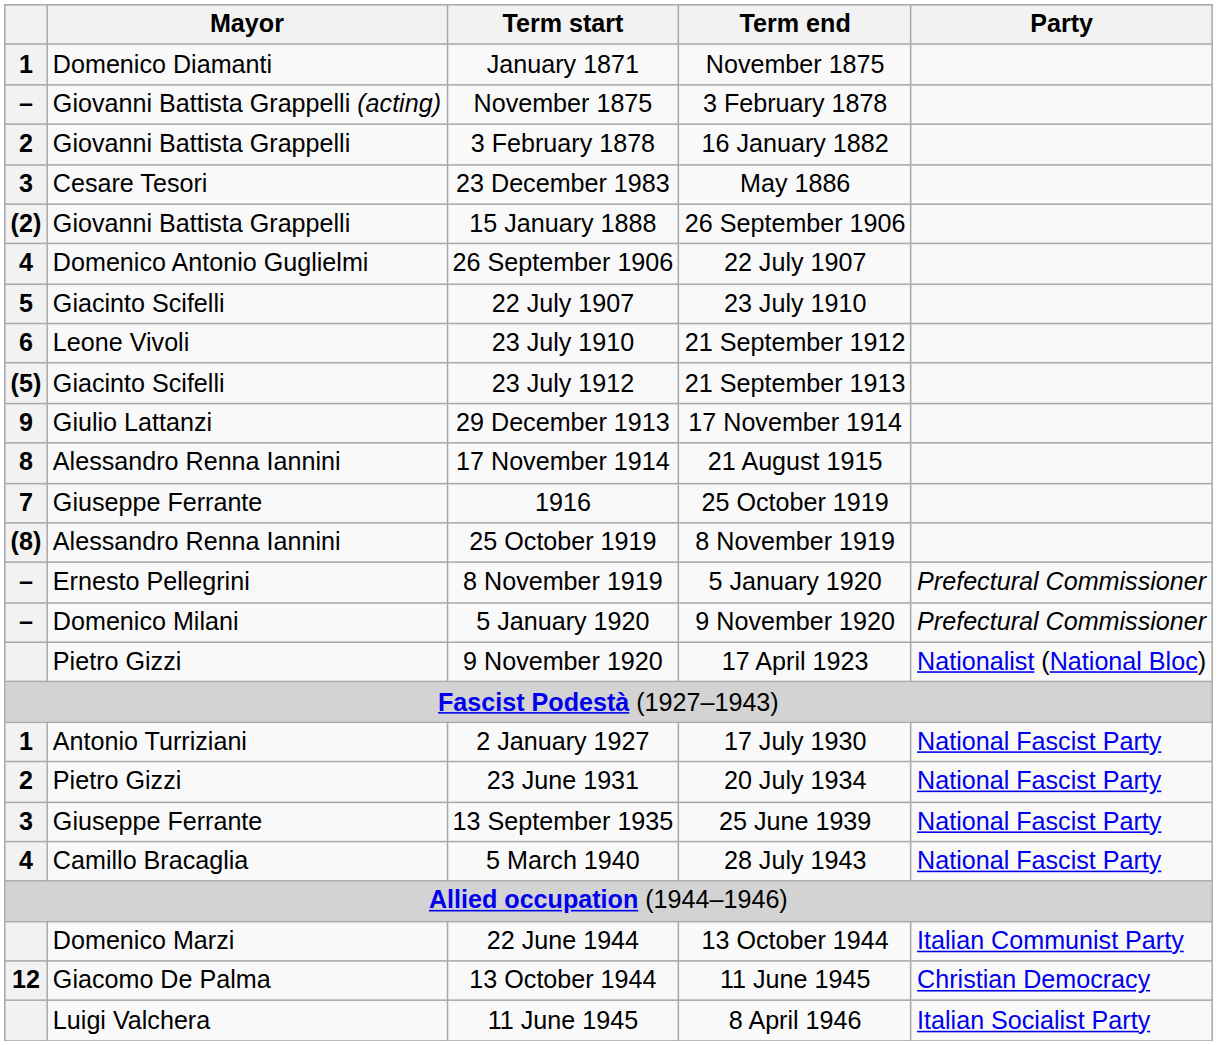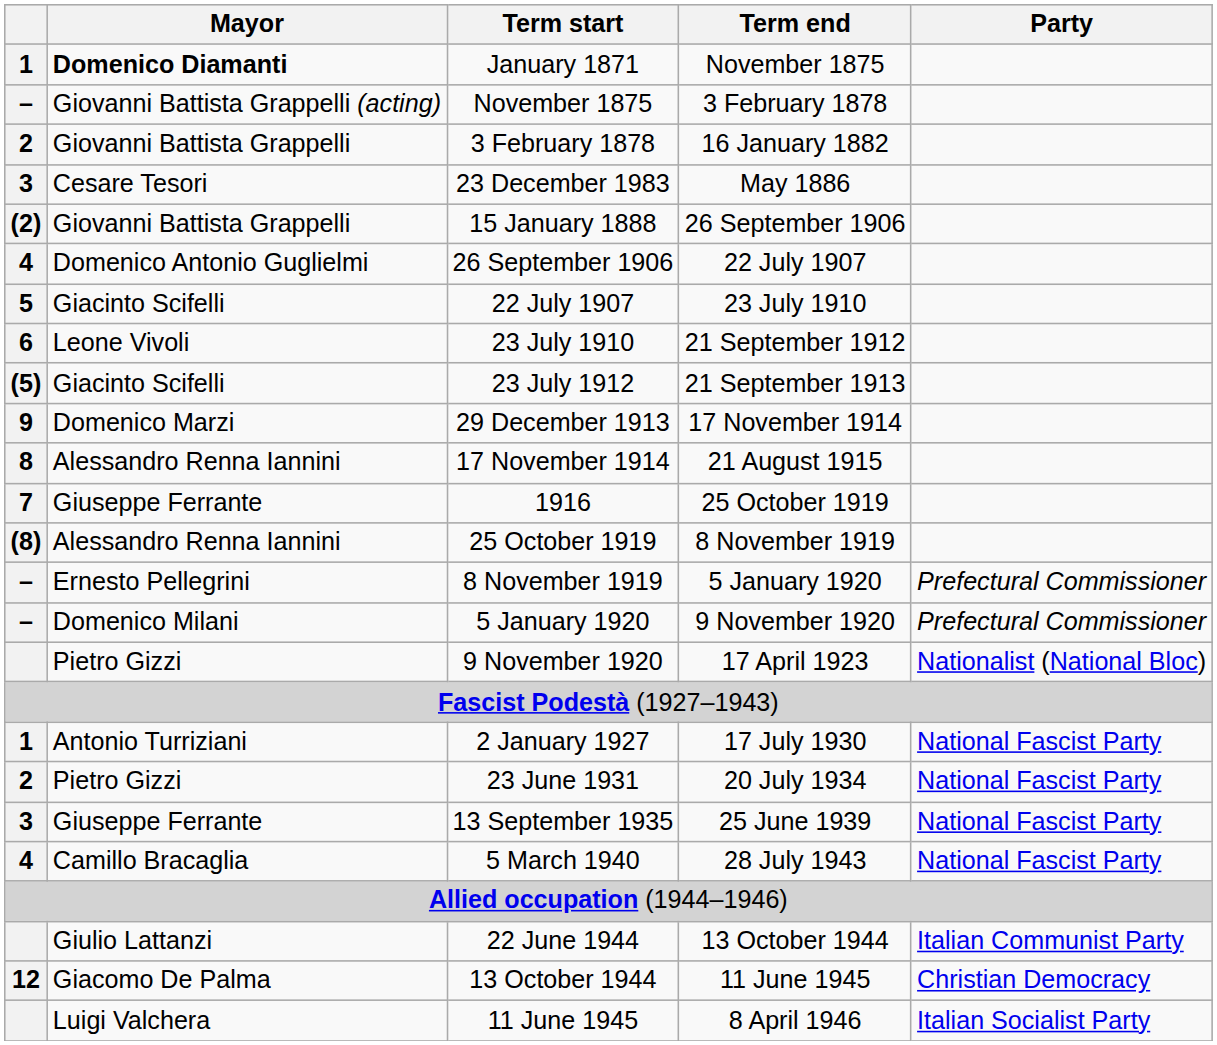 <table class="wikitable">
 <tr>
 <th class=unsortable> </th>
 <th>Mayor</th>
 <th>Term start</th>
 <th>Term end</th>
 <th>Party</th>
 </tr>
 <tr>
 <th rowspan=1 style="background:">1</th>
-<td>Domenico Diamanti</td>
+<td><strong>Domenico Diamanti</strong></td>
 <td align=center>January 1871</td>
 <td align=center>November 1875</td>
 <td></td>
 </tr>
 <tr>
 <th rowspan=1 style="background:">–</th>
 <td>Giovanni Battista Grappelli <em>(acting)</em></td>
 <td align=center>November 1875</td>
 <td align=center>3 February 1878</td>
 <td></td>
 </tr>
 <tr>
 <th rowspan=1 style="background:">2</th>
 <td>Giovanni Battista Grappelli</td>
 <td align=center>3 February 1878</td>
 <td align=center>16 January 1882</td>
 <td></td>
 </tr>
 <tr>
 <th rowspan=1 style="background:">3</th>
 <td>Cesare Tesori</td>
 <td align=center>23 December 1983</td>
 <td align=center>May 1886</td>
 <td></td>
 </tr>
 <tr>
 <th rowspan=1 style="background:">(2)</th>
 <td>Giovanni Battista Grappelli</td>
 <td align=center>15 January 1888</td>
 <td align=center>26 September 1906</td>
 <td></td>
 </tr>
 <tr>
 <th rowspan=1 style="background:">4</th>
 <td>Domenico Antonio Guglielmi</td>
 <td align=center>26 September 1906</td>
 <td align=center>22 July 1907</td>
 <td></td>
 </tr>
 <tr>
 <th rowspan=1 style="background:">5</th>
 <td>Giacinto Scifelli</td>
 <td align=center>22 July 1907</td>
 <td align=center>23 July 1910</td>
 <td></td>
 </tr>
 <tr>
 <th rowspan=1 style="background:">6</th>
 <td>Leone Vivoli</td>
 <td align=center>23 July 1910</td>
 <td align=center>21 September 1912</td>
 <td></td>
 </tr>
 <tr>
 <th rowspan=1 style="background:">(5)</th>
 <td>Giacinto Scifelli</td>
 <td align=center>23 July 1912</td>
 <td align=center>21 September 1913</td>
 <td></td>
 </tr>
 <tr>
 <th rowspan=1 style="background:">9</th>
-<td>Giulio Lattanzi</td>
+<td>Domenico Marzi</td>
 <td align=center>29 December 1913</td>
 <td align=center>17 November 1914</td>
 <td></td>
 </tr>
 <tr>
 <th rowspan=1 style="background:">8</th>
 <td>Alessandro Renna Iannini</td>
 <td align=center>17 November 1914</td>
 <td align=center>21 August 1915</td>
 <td></td>
 </tr>
 <tr>
 <th rowspan=1 style="background:">7</th>
 <td>Giuseppe Ferrante</td>
 <td align=center>1916</td>
 <td align=center>25 October 1919</td>
 <td></td>
 </tr>
 <tr>
 <th rowspan=1 style="background:">(8)</th>
 <td>Alessandro Renna Iannini</td>
 <td align=center>25 October 1919</td>
 <td align=center>8 November 1919</td>
 <td></td>
 </tr>
 <tr>
 <th rowspan=1 style="background:">–</th>
 <td>Ernesto Pellegrini</td>
 <td align=center>8 November 1919</td>
 <td align=center>5 January 1920</td>
 <td><em>Prefectural Commissioner</em></td>
 </tr>
 <tr>
 <th rowspan=1 style="background:">–</th>
 <td>Domenico Milani</td>
 <td align=center>5 January 1920</td>
 <td align=center>9 November 1920</td>
 <td><em>Prefectural Commissioner</em></td>
 </tr>
 <tr>
 <th rowspan=1 style="background:"></th>
 <td>Pietro Gizzi</td>
 <td align=center>9 November 1920</td>
 <td align=center>17 April 1923</td>
 <td><a href='#'>Nationalist</a> (<a href='#'>National Bloc</a>)</td>
 </tr>
 <tr>
 <td colspan="8" bgcolor="lightgrey" align=center><strong><a href='#'>Fascist Podestà</a></strong> (1927–1943)</td>
 </tr>
 <tr>
 <th rowspan=1 style="background:">1</th>
 <td>Antonio Turriziani</td>
 <td align=center>2 January 1927</td>
 <td align=center>17 July 1930</td>
 <td><a href='#'>National Fascist Party</a></td>
 </tr>
 <tr>
 <th rowspan=1 style="background:">2</th>
 <td>Pietro Gizzi</td>
 <td align=center>23 June 1931</td>
 <td align=center>20 July 1934</td>
 <td><a href='#'>National Fascist Party</a></td>
 </tr>
 <tr>
 <th rowspan=1 style="background:">3</th>
 <td>Giuseppe Ferrante</td>
 <td align=center>13 September 1935</td>
 <td align=center>25 June 1939</td>
 <td><a href='#'>National Fascist Party</a></td>
 </tr>
 <tr>
 <th rowspan=1 style="background:">4</th>
 <td>Camillo Bracaglia</td>
 <td align=center>5 March 1940</td>
 <td align=center>28 July 1943</td>
 <td><a href='#'>National Fascist Party</a></td>
 </tr>
 <tr>
 <td colspan="8" bgcolor="lightgrey" align=center><strong><a href='#'>Allied occupation</a></strong> (1944–1946)</td>
 </tr>
 <tr>
 <th rowspan=1 style="background:"></th>
-<td>Domenico Marzi</td>
+<td>Giulio Lattanzi</td>
 <td align=center>22 June 1944</td>
 <td align=center>13 October 1944</td>
 <td><a href='#'>Italian Communist Party</a></td>
 </tr>
 <tr>
 <th rowspan=1 style="background:">12</th>
 <td>Giacomo De Palma</td>
 <td align=center>13 October 1944</td>
 <td align=center>11 June 1945</td>
 <td><a href='#'>Christian Democracy</a></td>
 </tr>
 <tr>
 <th rowspan=1 style="background:"></th>
 <td>Luigi Valchera</td>
 <td align=center>11 June 1945</td>
 <td align=center>8 April 1946</td>
 <td><a href='#'>Italian Socialist Party</a></td>
 </tr>
 </table>
